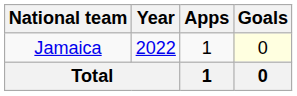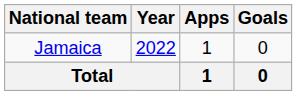 <table class="wikitable" style="text-align:center">
 <tr>
 <th>National team</th>
 <th>Year</th>
 <th>Apps</th>
 <th>Goals</th>
 </tr>
 <tr>
 <td><a href='#'>Jamaica</a></td>
 <td><a href='#'>2022</a></td>
 <td>1</td>
-<td style="background: lightyellow;">0</td>
+<td>0</td>
 </tr>
 <tr>
 <th colspan=2>Total</th>
 <th>1</th>
 <th>0</th>
 </tr>
 </table>
